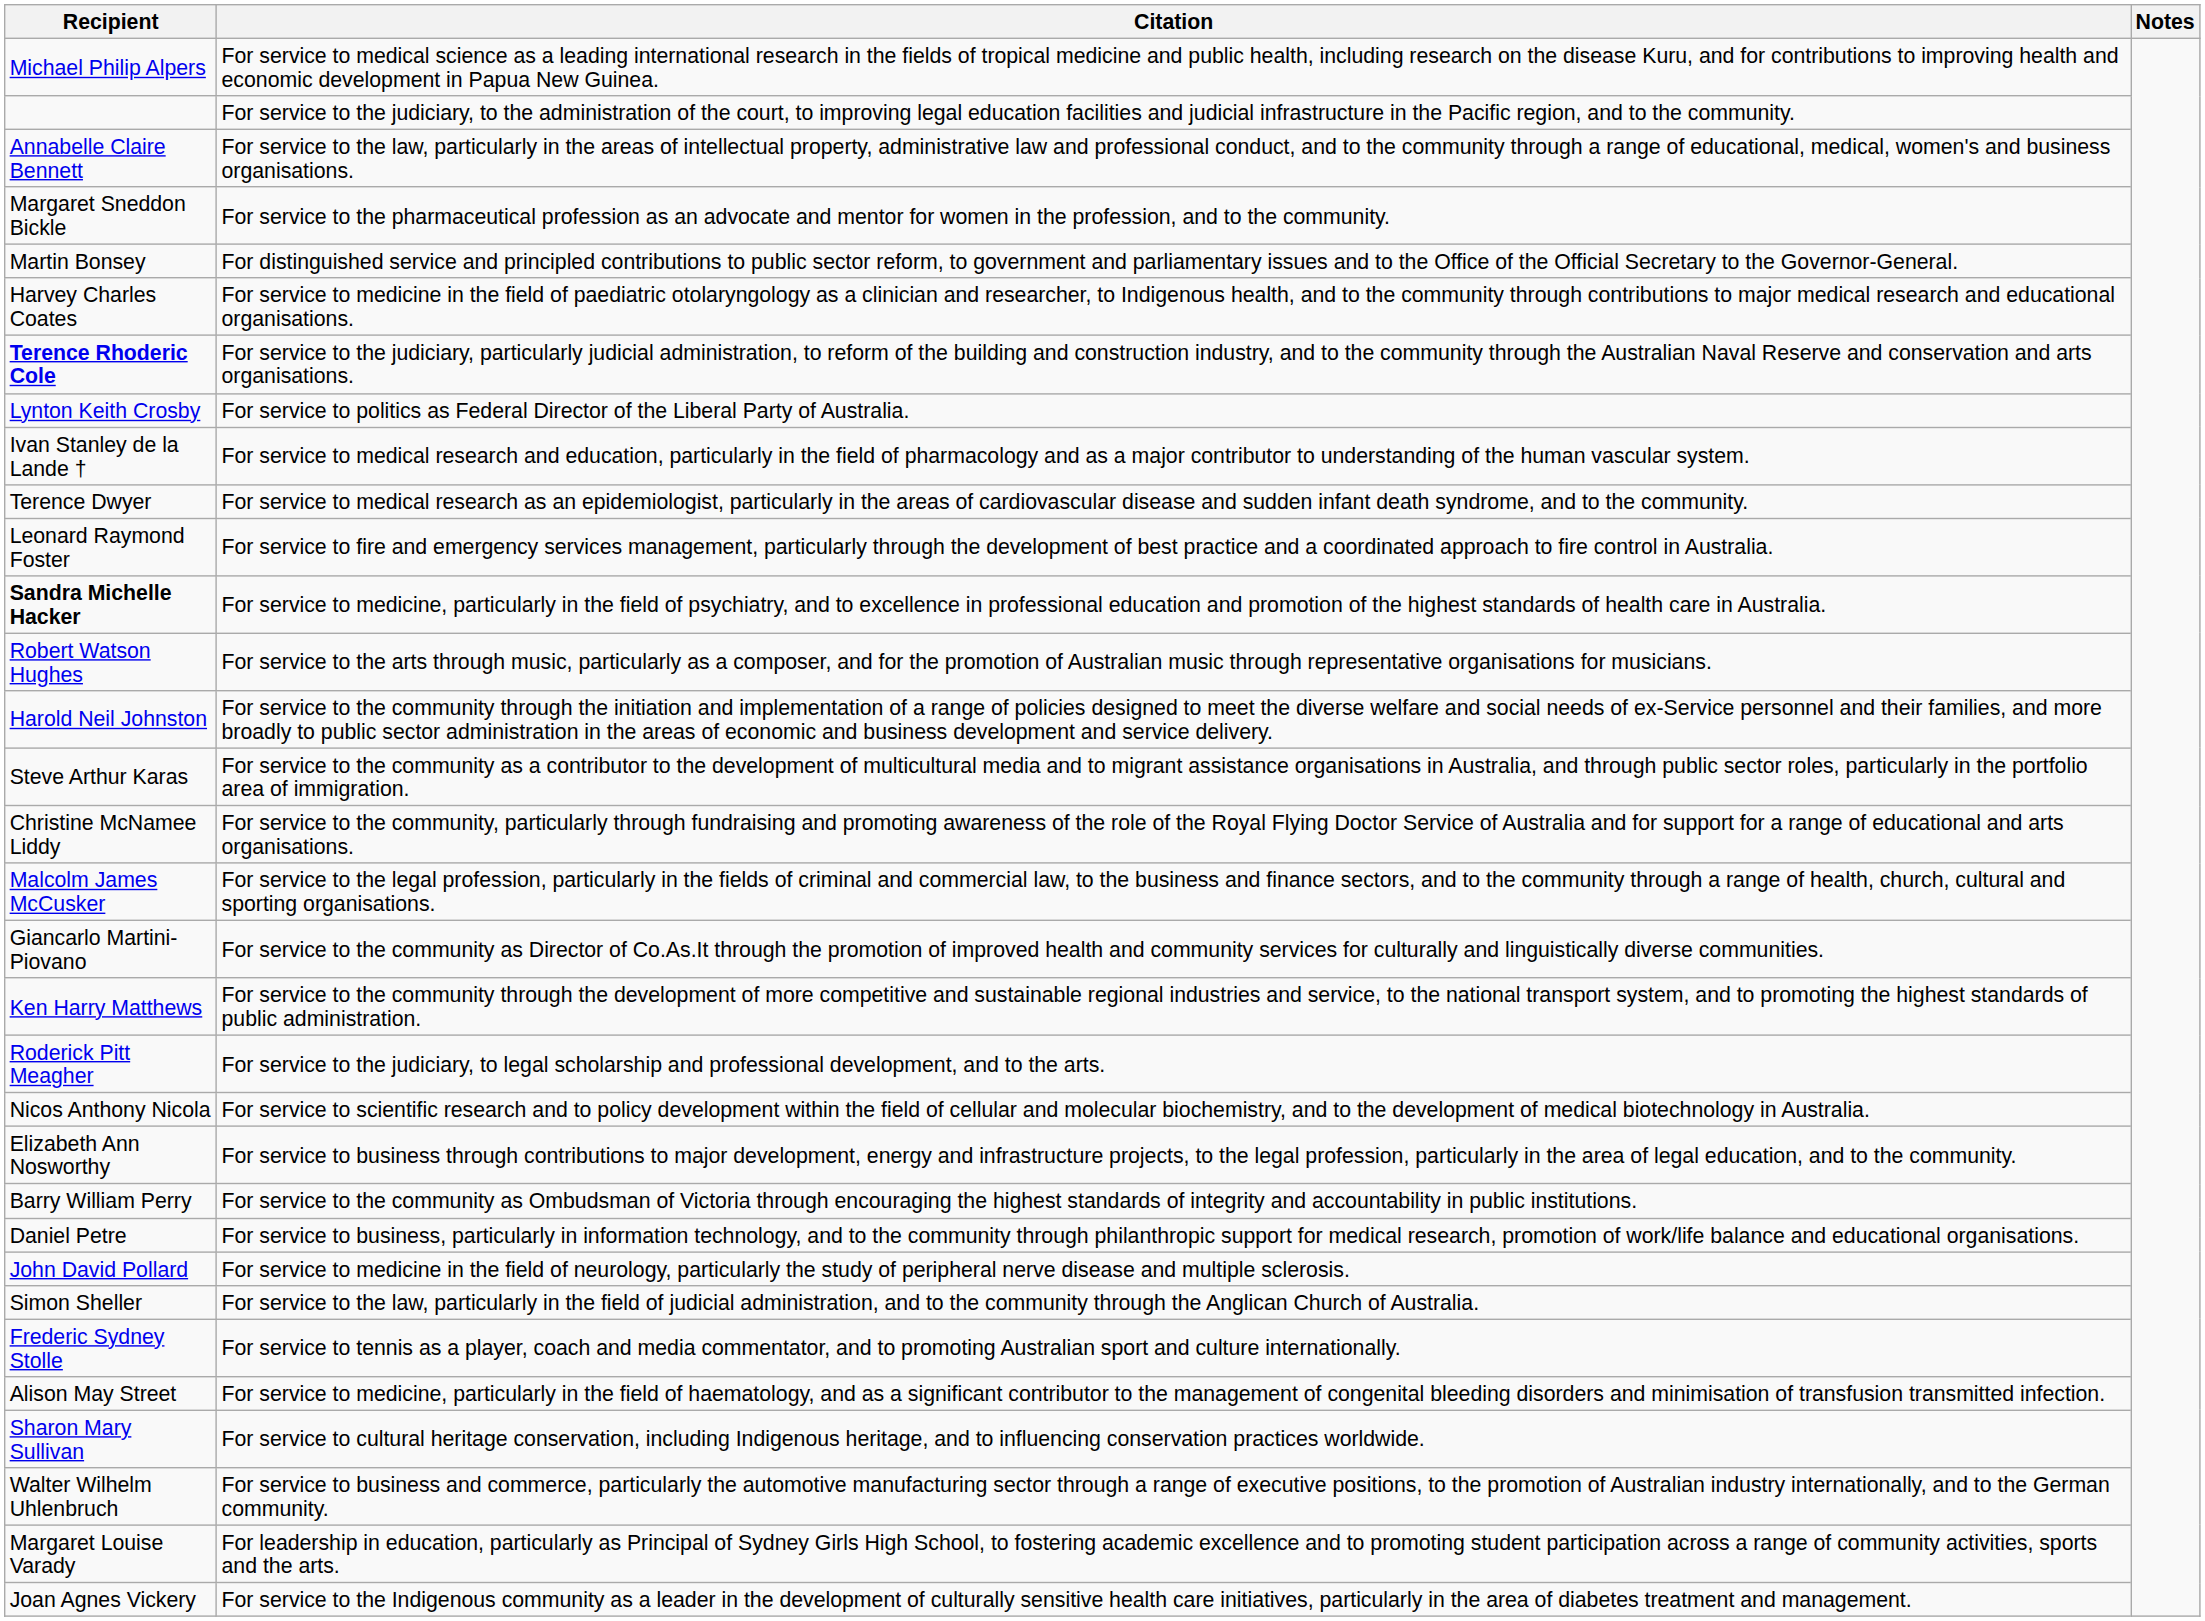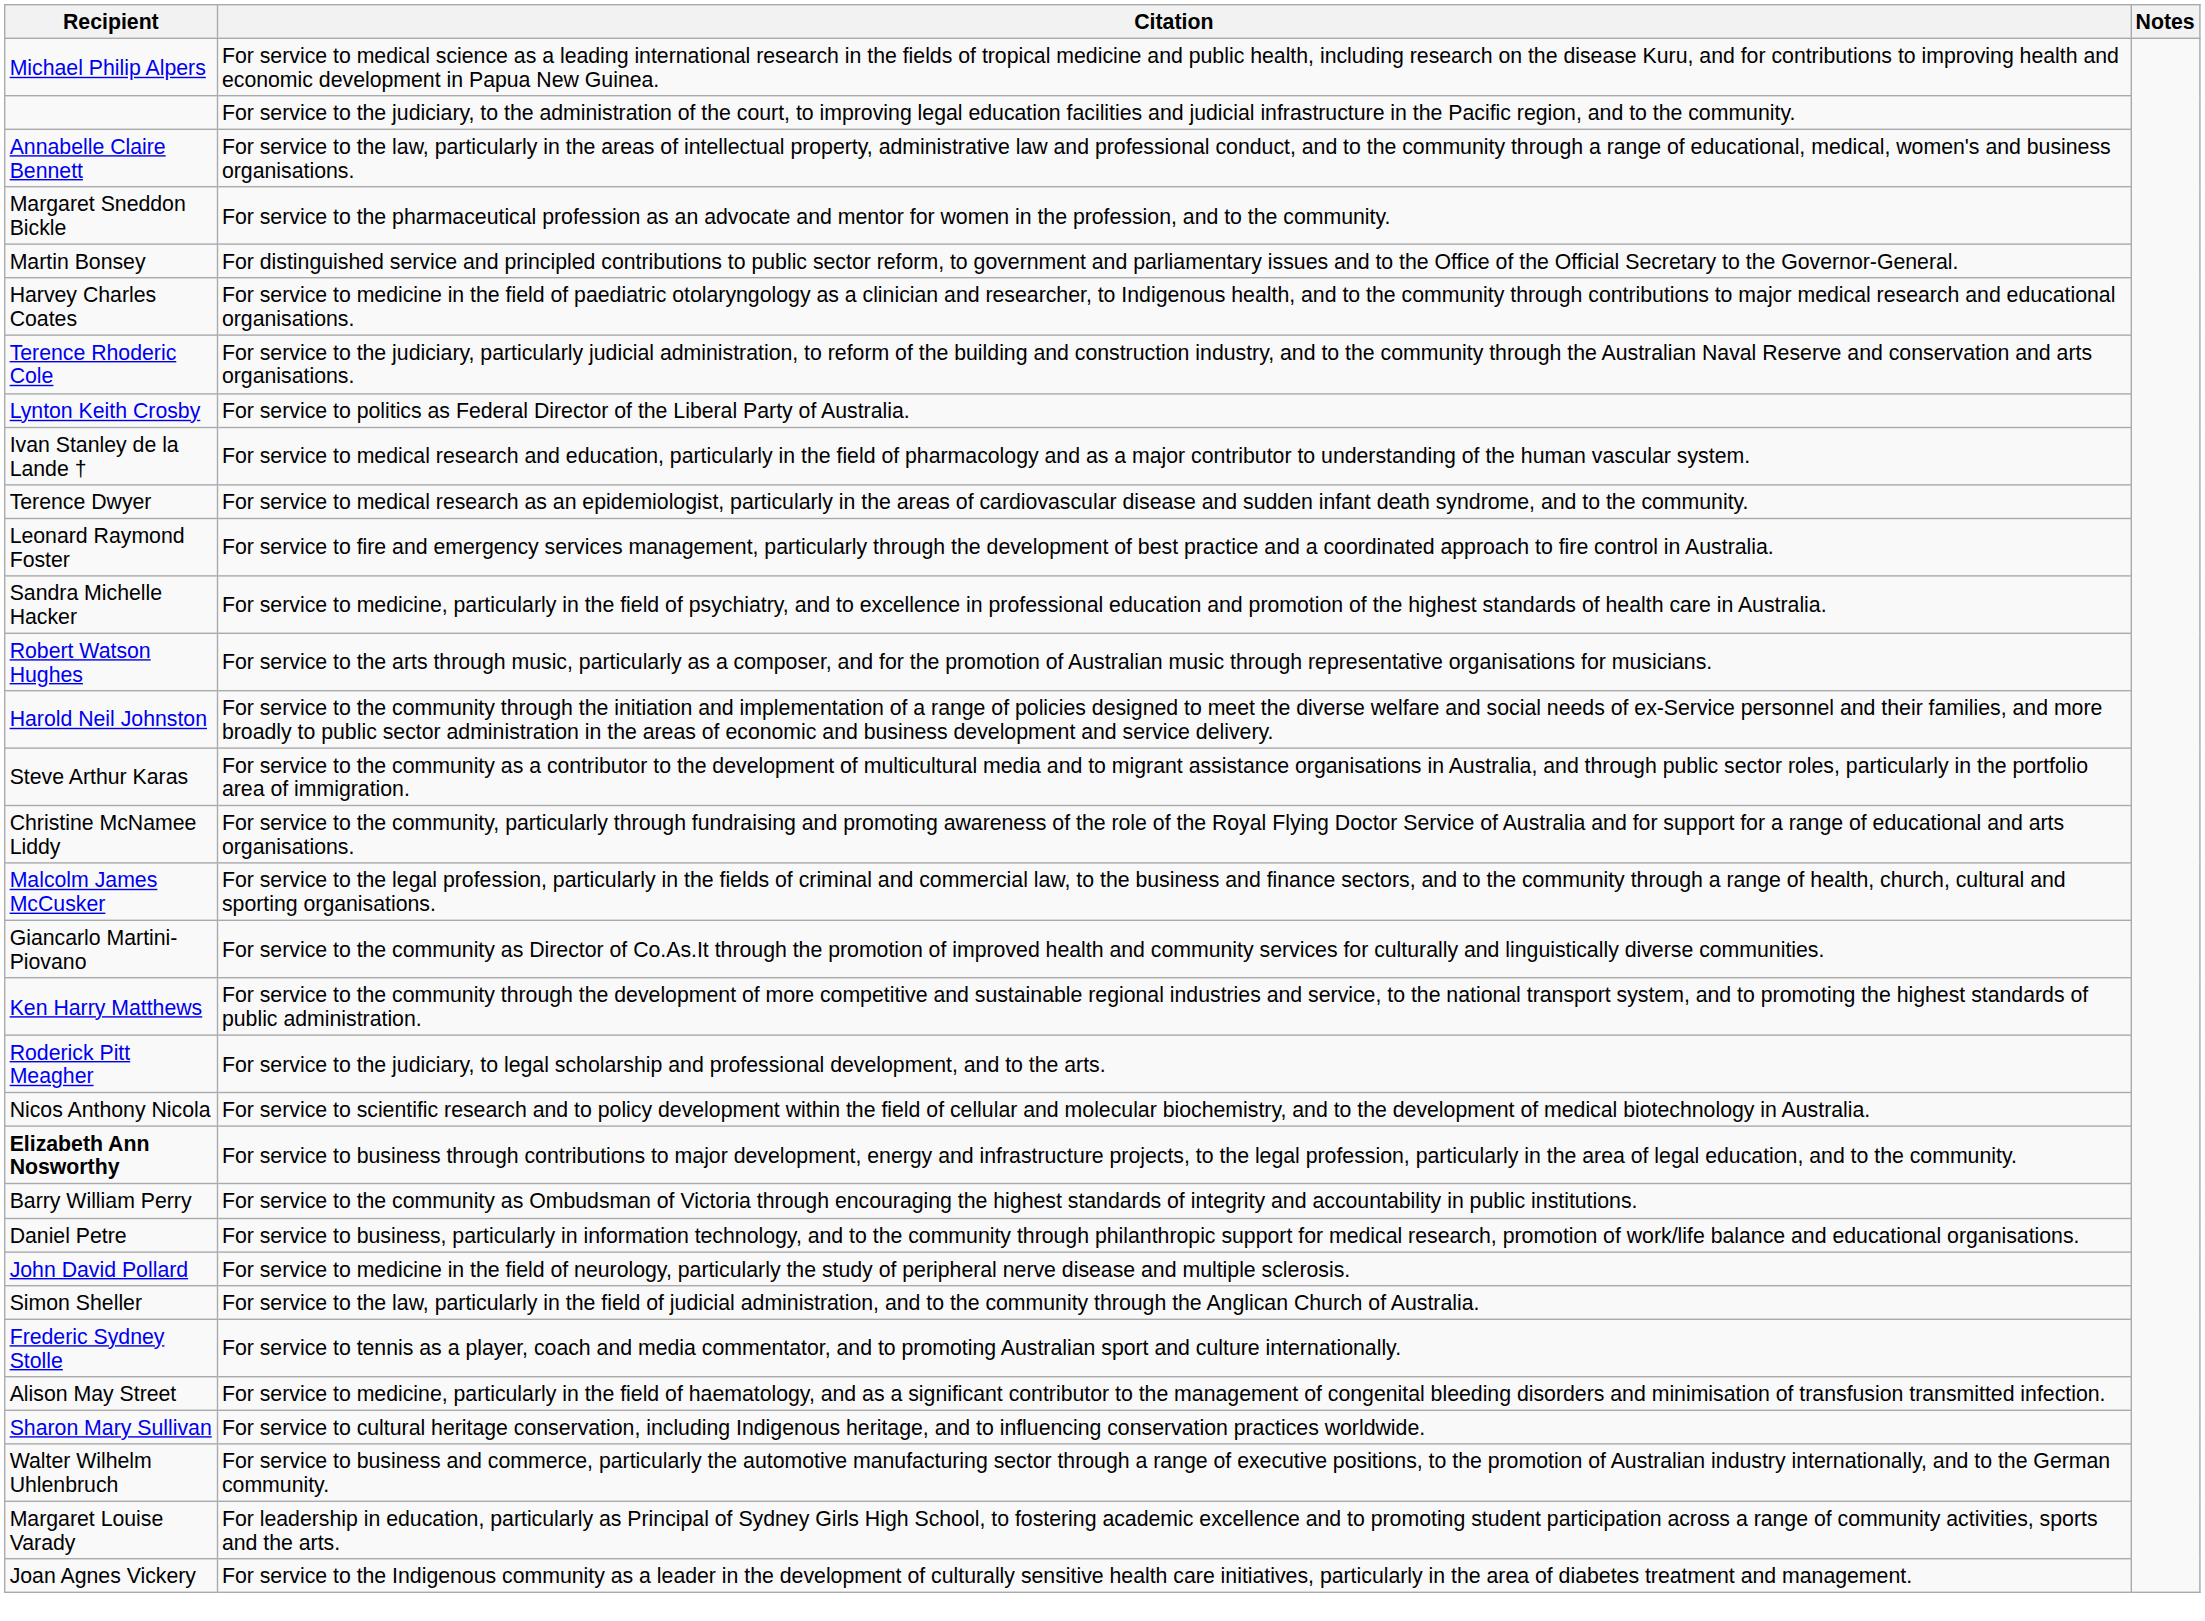 <table class="wikitable" style="font-size:95%;">
 <tr>
 <th>Recipient</th>
 <th>Citation</th>
 <th>Notes</th>
 </tr>
 <tr>
 <td> <a href='#'>Michael Philip Alpers</a></td>
 <td>For service to medical science as a leading international research in the fields of tropical medicine and public health, including research on the disease Kuru, and for contributions to improving health and economic development in Papua New Guinea.</td>
 <td rowspan=150></td>
 </tr>
 <tr>
 <td></td>
 <td>For service to the judiciary, to the administration of the court, to improving legal education facilities and judicial infrastructure in the Pacific region, and to the community.</td>
 </tr>
 <tr>
 <td> <a href='#'>Annabelle Claire Bennett</a></td>
 <td>For service to the law, particularly in the areas of intellectual property, administrative law and professional conduct, and to the community through a range of educational, medical, women's and business organisations.</td>
 </tr>
 <tr>
 <td>Margaret Sneddon Bickle</td>
 <td>For service to the pharmaceutical profession as an advocate and mentor for women in the profession, and to the community.</td>
 </tr>
 <tr>
 <td>Martin Bonsey </td>
 <td>For distinguished service and principled contributions to public sector reform, to government and parliamentary issues and to the Office of the Official Secretary to the Governor-General.</td>
 </tr>
 <tr>
 <td> Harvey Charles Coates</td>
 <td>For service to medicine in the field of paediatric otolaryngology as a clinician and researcher, to Indigenous health, and to the community through contributions to major medical research and educational organisations.</td>
 </tr>
 <tr>
-<td><strong> <a href='#'>Terence Rhoderic Cole</a> </strong></td>
+<td> <a href='#'>Terence Rhoderic Cole</a> </td>
 <td>For service to the judiciary, particularly judicial administration, to reform of the building and construction industry, and to the community through the Australian Naval Reserve and conservation and arts organisations.</td>
 </tr>
 <tr>
 <td><a href='#'>Lynton Keith Crosby</a></td>
 <td>For service to politics as Federal Director of the Liberal Party of Australia.</td>
 </tr>
 <tr>
 <td> Ivan Stanley de la Lande †</td>
 <td>For service to medical research and education, particularly in the field of pharmacology and as a major contributor to understanding of the human vascular system.</td>
 </tr>
 <tr>
 <td> Terence Dwyer </td>
 <td>For service to medical research as an epidemiologist, particularly in the areas of cardiovascular disease and sudden infant death syndrome, and to the community.</td>
 </tr>
 <tr>
 <td>Leonard Raymond Foster</td>
 <td>For service to fire and emergency services management, particularly through the development of best practice and a coordinated approach to fire control in Australia.</td>
 </tr>
 <tr>
-<td><strong> Sandra Michelle Hacker</strong></td>
+<td> Sandra Michelle Hacker</td>
 <td>For service to medicine, particularly in the field of psychiatry, and to excellence in professional education and promotion of the highest standards of health care in Australia.</td>
 </tr>
 <tr>
 <td><a href='#'>Robert Watson Hughes</a> </td>
 <td>For service to the arts through music, particularly as a composer, and for the promotion of Australian music through representative organisations for musicians.</td>
 </tr>
 <tr>
 <td> <a href='#'>Harold Neil Johnston</a></td>
 <td>For service to the community through the initiation and implementation of a range of policies designed to meet the diverse welfare and social needs of ex-Service personnel and their families, and more broadly to public sector administration in the areas of economic and business development and service delivery.</td>
 </tr>
 <tr>
 <td>Steve Arthur Karas </td>
 <td>For service to the community as a contributor to the development of multicultural media and to migrant assistance organisations in Australia, and through public sector roles, particularly in the portfolio area of immigration.</td>
 </tr>
 <tr>
 <td>Christine McNamee Liddy</td>
 <td>For service to the community, particularly through fundraising and promoting awareness of the role of the Royal Flying Doctor Service of Australia and for support for a range of educational and arts organisations.</td>
 </tr>
 <tr>
 <td><a href='#'>Malcolm James McCusker</a> </td>
 <td>For service to the legal profession, particularly in the fields of criminal and commercial law, to the business and finance sectors, and to the community through a range of health, church, cultural and sporting organisations.</td>
 </tr>
 <tr>
 <td> Giancarlo Martini-Piovano</td>
 <td>For service to the community as Director of Co.As.It through the promotion of improved health and community services for culturally and linguistically diverse communities.</td>
 </tr>
 <tr>
 <td><a href='#'>Ken Harry Matthews</a></td>
 <td>For service to the community through the development of more competitive and sustainable regional industries and service, to the national transport system, and to promoting the highest standards of public administration.</td>
 </tr>
 <tr>
 <td> <a href='#'>Roderick Pitt Meagher</a> </td>
 <td>For service to the judiciary, to legal scholarship and professional development, and to the arts.</td>
 </tr>
 <tr>
 <td> Nicos Anthony Nicola</td>
 <td>For service to scientific research and to policy development within the field of cellular and molecular biochemistry, and to the development of medical biotechnology in Australia.</td>
 </tr>
 <tr>
-<td>Elizabeth Ann Nosworthy</td>
+<td><strong>Elizabeth Ann Nosworthy</strong></td>
 <td>For service to business through contributions to major development, energy and infrastructure projects, to the legal profession, particularly in the area of legal education, and to the community.</td>
 </tr>
 <tr>
 <td> Barry William Perry</td>
 <td>For service to the community as Ombudsman of Victoria through encouraging the highest standards of integrity and accountability in public institutions.</td>
 </tr>
 <tr>
 <td>Daniel Petre</td>
 <td>For service to business, particularly in information technology, and to the community through philanthropic support for medical research, promotion of work/life balance and educational organisations.</td>
 </tr>
 <tr>
 <td> <a href='#'>John David Pollard</a></td>
 <td>For service to medicine in the field of neurology, particularly the study of peripheral nerve disease and multiple sclerosis.</td>
 </tr>
 <tr>
 <td> Simon Sheller</td>
 <td>For service to the law, particularly in the field of judicial administration, and to the community through the Anglican Church of Australia.</td>
 </tr>
 <tr>
 <td><a href='#'>Frederic Sydney Stolle</a></td>
 <td>For service to tennis as a player, coach and media commentator, and to promoting Australian sport and culture internationally.</td>
 </tr>
 <tr>
 <td> Alison May Street</td>
 <td>For service to medicine, particularly in the field of haematology, and as a significant contributor to the management of congenital bleeding disorders and minimisation of transfusion transmitted infection.</td>
 </tr>
 <tr>
 <td> <a href='#'>Sharon Mary Sullivan</a></td>
 <td>For service to cultural heritage conservation, including Indigenous heritage, and to influencing conservation practices worldwide.</td>
 </tr>
 <tr>
 <td> Walter Wilhelm Uhlenbruch </td>
 <td>For service to business and commerce, particularly the automotive manufacturing sector through a range of executive positions, to the promotion of Australian industry internationally, and to the German community.</td>
 </tr>
 <tr>
 <td>Margaret Louise Varady</td>
 <td>For leadership in education, particularly as Principal of Sydney Girls High School, to fostering academic excellence and to promoting student participation across a range of community activities, sports and the arts.</td>
 </tr>
 <tr>
 <td>Joan Agnes Vickery</td>
 <td>For service to the Indigenous community as a leader in the development of culturally sensitive health care initiatives, particularly in the area of diabetes treatment and management.</td>
 </tr>
 </table>
